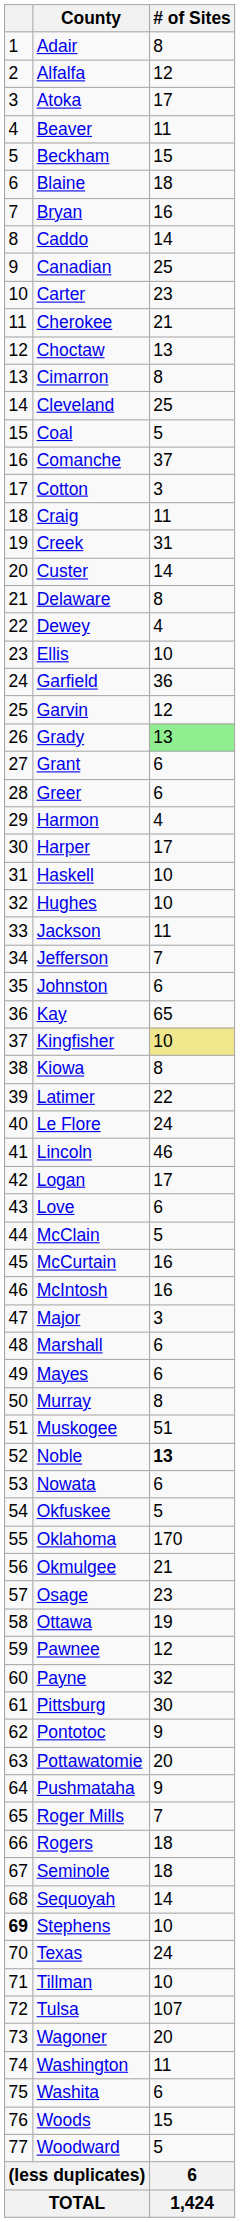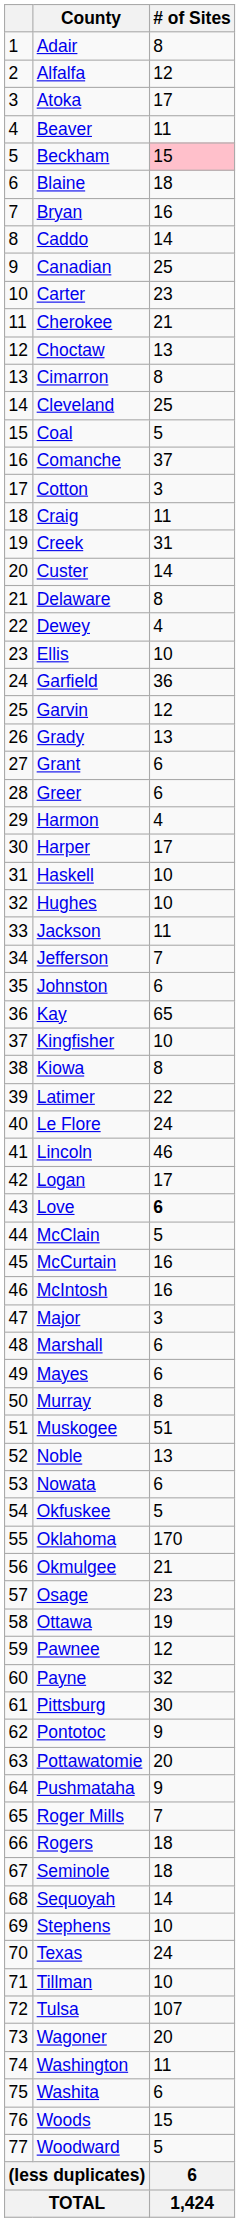 <table class="wikitable sortable sticky-header">
 <tr>
 <th></th>
 <th><strong>County</strong></th>
 <th><strong># of Sites</strong></th>
 </tr>
 <tr ->
 <td>1</td>
 <td><a href='#'>Adair</a></td>
 <td>8</td>
 </tr>
 <tr ->
 <td>2</td>
 <td><a href='#'>Alfalfa</a></td>
 <td>12</td>
 </tr>
 <tr ->
 <td>3</td>
 <td><a href='#'>Atoka</a></td>
 <td>17</td>
 </tr>
 <tr ->
 <td>4</td>
 <td><a href='#'>Beaver</a></td>
 <td>11</td>
 </tr>
 <tr ->
 <td>5</td>
 <td><a href='#'>Beckham</a></td>
-<td>15</td>
+<td style="background: pink;">15</td>
 </tr>
 <tr ->
 <td>6</td>
 <td><a href='#'>Blaine</a></td>
 <td>18</td>
 </tr>
 <tr ->
 <td>7</td>
 <td><a href='#'>Bryan</a></td>
 <td>16</td>
 </tr>
 <tr ->
 <td>8</td>
 <td><a href='#'>Caddo</a></td>
 <td>14</td>
 </tr>
 <tr ->
 <td>9</td>
 <td><a href='#'>Canadian</a></td>
 <td>25</td>
 </tr>
 <tr ->
 <td>10</td>
 <td><a href='#'>Carter</a></td>
 <td>23</td>
 </tr>
 <tr ->
 <td>11</td>
 <td><a href='#'>Cherokee</a></td>
 <td>21</td>
 </tr>
 <tr ->
 <td>12</td>
 <td><a href='#'>Choctaw</a></td>
 <td>13</td>
 </tr>
 <tr ->
 <td>13</td>
 <td><a href='#'>Cimarron</a></td>
 <td>8</td>
 </tr>
 <tr ->
 <td>14</td>
 <td><a href='#'>Cleveland</a></td>
 <td>25</td>
 </tr>
 <tr ->
 <td>15</td>
 <td><a href='#'>Coal</a></td>
 <td>5</td>
 </tr>
 <tr ->
 <td>16</td>
 <td><a href='#'>Comanche</a></td>
 <td>37</td>
 </tr>
 <tr ->
 <td>17</td>
 <td><a href='#'>Cotton</a></td>
 <td>3</td>
 </tr>
 <tr ->
 <td>18</td>
 <td><a href='#'>Craig</a></td>
 <td>11</td>
 </tr>
 <tr ->
 <td>19</td>
 <td><a href='#'>Creek</a></td>
 <td>31</td>
 </tr>
 <tr ->
 <td>20</td>
 <td><a href='#'>Custer</a></td>
 <td>14</td>
 </tr>
 <tr ->
 <td>21</td>
 <td><a href='#'>Delaware</a></td>
 <td>8</td>
 </tr>
 <tr ->
 <td>22</td>
 <td><a href='#'>Dewey</a></td>
 <td>4</td>
 </tr>
 <tr ->
 <td>23</td>
 <td><a href='#'>Ellis</a></td>
 <td>10</td>
 </tr>
 <tr ->
 <td>24</td>
 <td><a href='#'>Garfield</a></td>
 <td>36</td>
 </tr>
 <tr ->
 <td>25</td>
 <td><a href='#'>Garvin</a></td>
 <td>12</td>
 </tr>
 <tr ->
 <td>26</td>
 <td><a href='#'>Grady</a></td>
-<td style="background: lightgreen;">13</td>
+<td>13</td>
 </tr>
 <tr ->
 <td>27</td>
 <td><a href='#'>Grant</a></td>
 <td>6</td>
 </tr>
 <tr ->
 <td>28</td>
 <td><a href='#'>Greer</a></td>
 <td>6</td>
 </tr>
 <tr ->
 <td>29</td>
 <td><a href='#'>Harmon</a></td>
 <td>4</td>
 </tr>
 <tr ->
 <td>30</td>
 <td><a href='#'>Harper</a></td>
 <td>17</td>
 </tr>
 <tr ->
 <td>31</td>
 <td><a href='#'>Haskell</a></td>
 <td>10</td>
 </tr>
 <tr ->
 <td>32</td>
 <td><a href='#'>Hughes</a></td>
 <td>10</td>
 </tr>
 <tr ->
 <td>33</td>
 <td><a href='#'>Jackson</a></td>
 <td>11</td>
 </tr>
 <tr ->
 <td>34</td>
 <td><a href='#'>Jefferson</a></td>
 <td>7</td>
 </tr>
 <tr ->
 <td>35</td>
 <td><a href='#'>Johnston</a></td>
 <td>6</td>
 </tr>
 <tr ->
 <td>36</td>
 <td><a href='#'>Kay</a></td>
 <td>65</td>
 </tr>
 <tr ->
 <td>37</td>
 <td><a href='#'>Kingfisher</a></td>
-<td style="background: khaki;">10</td>
+<td>10</td>
 </tr>
 <tr ->
 <td>38</td>
 <td><a href='#'>Kiowa</a></td>
 <td>8</td>
 </tr>
 <tr ->
 <td>39</td>
 <td><a href='#'>Latimer</a></td>
 <td>22</td>
 </tr>
 <tr ->
 <td>40</td>
 <td><a href='#'>Le Flore</a></td>
 <td>24</td>
 </tr>
 <tr ->
 <td>41</td>
 <td><a href='#'>Lincoln</a></td>
 <td>46</td>
 </tr>
 <tr ->
 <td>42</td>
 <td><a href='#'>Logan</a></td>
 <td>17</td>
 </tr>
 <tr ->
 <td>43</td>
 <td><a href='#'>Love</a></td>
-<td>6</td>
+<td><strong>6</strong></td>
 </tr>
 <tr ->
 <td>44</td>
 <td><a href='#'>McClain</a></td>
 <td>5</td>
 </tr>
 <tr ->
 <td>45</td>
 <td><a href='#'>McCurtain</a></td>
 <td>16</td>
 </tr>
 <tr ->
 <td>46</td>
 <td><a href='#'>McIntosh</a></td>
 <td>16</td>
 </tr>
 <tr ->
 <td>47</td>
 <td><a href='#'>Major</a></td>
 <td>3</td>
 </tr>
 <tr ->
 <td>48</td>
 <td><a href='#'>Marshall</a></td>
 <td>6</td>
 </tr>
 <tr ->
 <td>49</td>
 <td><a href='#'>Mayes</a></td>
 <td>6</td>
 </tr>
 <tr ->
 <td>50</td>
 <td><a href='#'>Murray</a></td>
 <td>8</td>
 </tr>
 <tr ->
 <td>51</td>
 <td><a href='#'>Muskogee</a></td>
 <td>51</td>
 </tr>
 <tr ->
 <td>52</td>
 <td><a href='#'>Noble</a></td>
-<td><strong>13</strong></td>
+<td>13</td>
 </tr>
 <tr ->
 <td>53</td>
 <td><a href='#'>Nowata</a></td>
 <td>6</td>
 </tr>
 <tr ->
 <td>54</td>
 <td><a href='#'>Okfuskee</a></td>
 <td>5</td>
 </tr>
 <tr ->
 <td>55</td>
 <td><a href='#'>Oklahoma</a></td>
 <td>170</td>
 </tr>
 <tr ->
 <td>56</td>
 <td><a href='#'>Okmulgee</a></td>
 <td>21</td>
 </tr>
 <tr ->
 <td>57</td>
 <td><a href='#'>Osage</a></td>
 <td>23</td>
 </tr>
 <tr ->
 <td>58</td>
 <td><a href='#'>Ottawa</a></td>
 <td>19</td>
 </tr>
 <tr ->
 <td>59</td>
 <td><a href='#'>Pawnee</a></td>
 <td>12</td>
 </tr>
 <tr ->
 <td>60</td>
 <td><a href='#'>Payne</a></td>
 <td>32</td>
 </tr>
 <tr ->
 <td>61</td>
 <td><a href='#'>Pittsburg</a></td>
 <td>30</td>
 </tr>
 <tr ->
 <td>62</td>
 <td><a href='#'>Pontotoc</a></td>
 <td>9</td>
 </tr>
 <tr ->
 <td>63</td>
 <td><a href='#'>Pottawatomie</a></td>
 <td>20</td>
 </tr>
 <tr ->
 <td>64</td>
 <td><a href='#'>Pushmataha</a></td>
 <td>9</td>
 </tr>
 <tr ->
 <td>65</td>
 <td><a href='#'>Roger Mills</a></td>
 <td>7</td>
 </tr>
 <tr ->
 <td>66</td>
 <td><a href='#'>Rogers</a></td>
 <td>18</td>
 </tr>
 <tr ->
 <td>67</td>
 <td><a href='#'>Seminole</a></td>
 <td>18</td>
 </tr>
 <tr ->
 <td>68</td>
 <td><a href='#'>Sequoyah</a></td>
 <td>14</td>
 </tr>
 <tr ->
-<td><strong>69</strong></td>
+<td>69</td>
 <td><a href='#'>Stephens</a></td>
 <td>10</td>
 </tr>
 <tr ->
 <td>70</td>
 <td><a href='#'>Texas</a></td>
 <td>24</td>
 </tr>
 <tr ->
 <td>71</td>
 <td><a href='#'>Tillman</a></td>
 <td>10</td>
 </tr>
 <tr ->
 <td>72</td>
 <td><a href='#'>Tulsa</a></td>
 <td>107</td>
 </tr>
 <tr ->
 <td>73</td>
 <td><a href='#'>Wagoner</a></td>
 <td>20</td>
 </tr>
 <tr ->
 <td>74</td>
 <td><a href='#'>Washington</a></td>
 <td>11</td>
 </tr>
 <tr ->
 <td>75</td>
 <td><a href='#'>Washita</a></td>
 <td>6</td>
 </tr>
 <tr ->
 <td>76</td>
 <td><a href='#'>Woods</a></td>
 <td>15</td>
 </tr>
 <tr ->
 <td>77</td>
 <td><a href='#'>Woodward</a></td>
 <td>5</td>
 </tr>
 <tr class="sortbottom">
 <th colspan="2">(less duplicates)</th>
 <th>6</th>
 </tr>
 <tr class="sortbottom">
 <th colspan="2">TOTAL</th>
 <th>1,424</th>
 </tr>
 </table>
